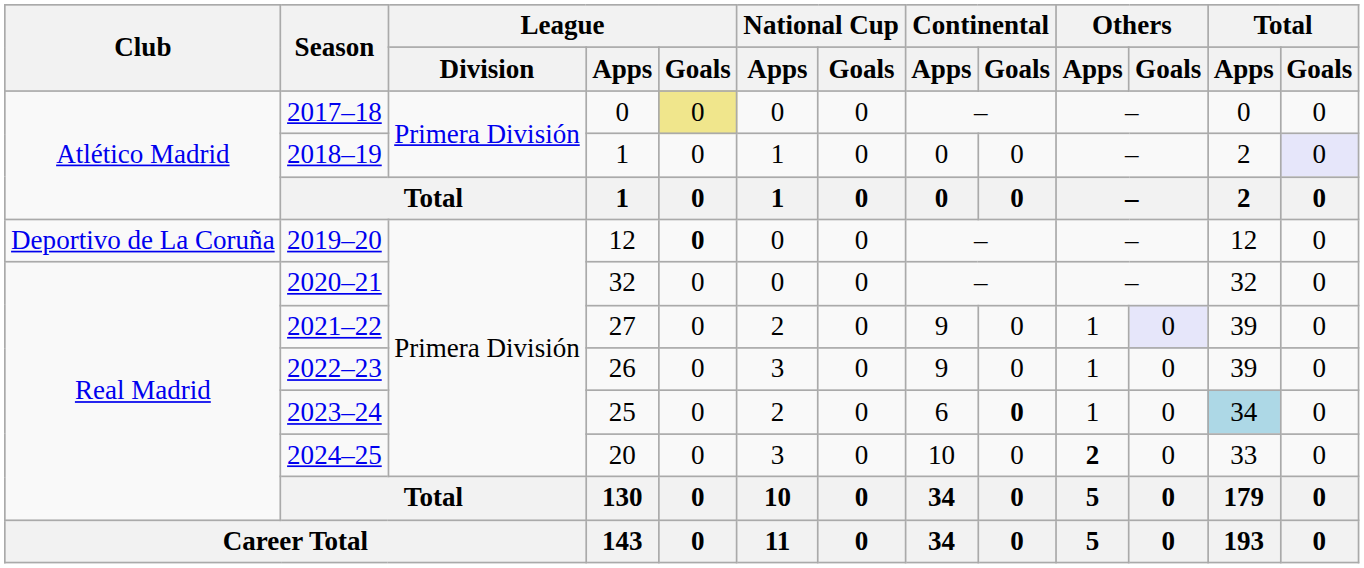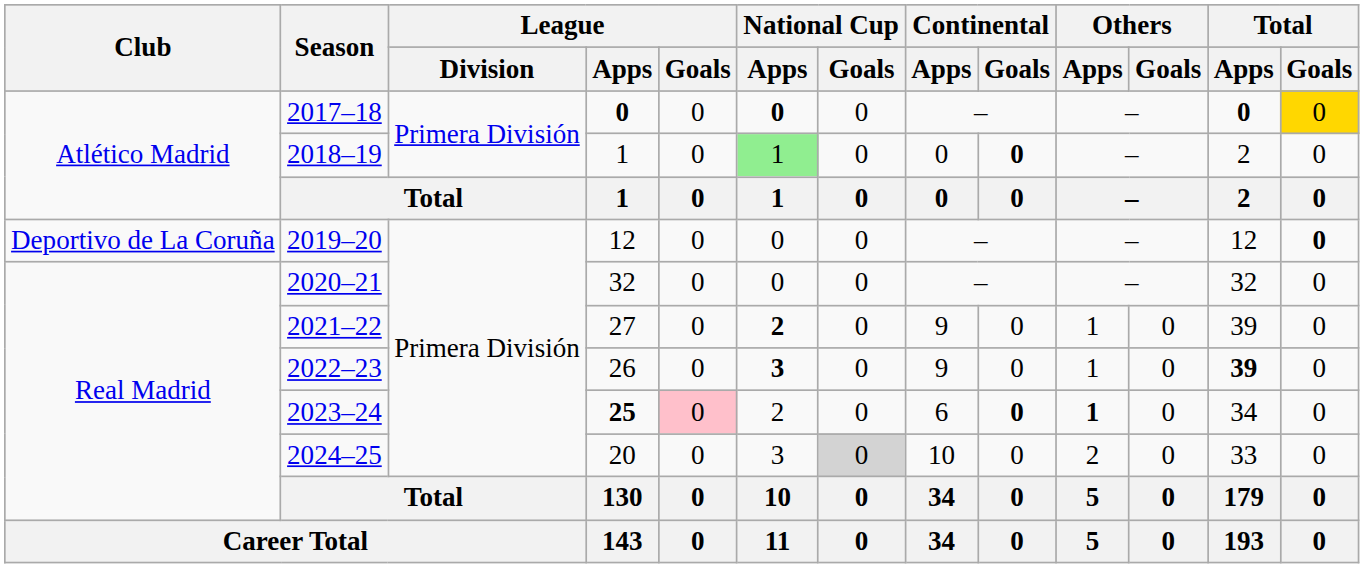 <table class="wikitable" style="text-align:center">
 <tr>
 <th rowspan="2">Club</th>
 <th rowspan="2">Season</th>
 <th colspan="3">League</th>
 <th colspan="2">National Cup</th>
 <th colspan="2">Continental</th>
 <th colspan="2">Others</th>
 <th colspan="2">Total</th>
 </tr>
 <tr>
 <th>Division</th>
 <th>Apps</th>
 <th>Goals</th>
 <th>Apps</th>
 <th>Goals</th>
 <th>Apps</th>
 <th>Goals</th>
 <th>Apps</th>
 <th>Goals</th>
 <th>Apps</th>
 <th>Goals</th>
 </tr>
 <tr>
 <td rowspan="3"><a href='#'>Atlético Madrid</a></td>
 <td><a href='#'>2017–18</a></td>
 <td rowspan="2"><a href='#'>Primera División</a></td>
+<td><strong>0</strong></td>
 <td>0</td>
-<td style="background: khaki;">0</td>
-<td>0</td>
+<td><strong>0</strong></td>
 <td>0</td>
 <td colspan="2">–</td>
 <td colspan="2">–</td>
-<td>0</td>
-<td>0</td>
+<td><strong>0</strong></td>
+<td style="background: gold;">0</td>
 </tr>
 <tr>
 <td><a href='#'>2018–19</a></td>
 <td>1</td>
 <td>0</td>
-<td>1</td>
+<td style="background: lightgreen;">1</td>
 <td>0</td>
 <td>0</td>
-<td>0</td>
+<td><strong>0</strong></td>
 <td colspan="2">–</td>
 <td>2</td>
-<td style="background: lavender;">0</td>
+<td>0</td>
 </tr>
 <tr>
 <th colspan="2">Total</th>
 <th>1</th>
 <th>0</th>
 <th>1</th>
 <th>0</th>
 <th>0</th>
 <th>0</th>
 <th colspan="2">–</th>
 <th>2</th>
 <th>0</th>
 </tr>
 <tr>
 <td><a href='#'>Deportivo de La Coruña</a></td>
 <td><a href='#'>2019–20</a></td>
 <td rowspan="6">Primera División</td>
 <td>12</td>
-<td><strong>0</strong></td>
+<td>0</td>
 <td>0</td>
 <td>0</td>
 <td colspan="2">–</td>
 <td colspan="2">–</td>
 <td>12</td>
-<td>0</td>
+<td><strong>0</strong></td>
 </tr>
 <tr>
 <td rowspan="6"><a href='#'>Real Madrid</a></td>
 <td><a href='#'>2020–21</a></td>
 <td>32</td>
 <td>0</td>
 <td>0</td>
 <td>0</td>
 <td colspan="2">–</td>
 <td colspan="2">–</td>
 <td>32</td>
 <td>0</td>
 </tr>
 <tr>
 <td><a href='#'>2021–22</a></td>
 <td>27</td>
 <td>0</td>
-<td>2</td>
-<td>0</td>
-<td>9</td>
-<td>0</td>
-<td>1</td>
-<td style="background: lavender;">0</td>
-<td>39</td>
-<td>0</td>
-</tr>
-<tr>
-<td><a href='#'>2022–23</a></td>
-<td>26</td>
-<td>0</td>
-<td>3</td>
+<td><strong>2</strong></td>
 <td>0</td>
 <td>9</td>
 <td>0</td>
 <td>1</td>
 <td>0</td>
 <td>39</td>
 <td>0</td>
 </tr>
 <tr>
+<td><a href='#'>2022–23</a></td>
+<td>26</td>
+<td>0</td>
+<td><strong>3</strong></td>
+<td>0</td>
+<td>9</td>
+<td>0</td>
+<td>1</td>
+<td>0</td>
+<td><strong>39</strong></td>
+<td>0</td>
+</tr>
+<tr>
 <td><a href='#'>2023–24</a></td>
-<td>25</td>
-<td>0</td>
+<td><strong>25</strong></td>
+<td style="background: pink;">0</td>
 <td>2</td>
 <td>0</td>
 <td>6</td>
 <td><strong>0</strong></td>
-<td>1</td>
+<td><strong>1</strong></td>
 <td>0</td>
-<td style="background: lightblue;">34</td>
+<td>34</td>
 <td>0</td>
 </tr>
 <tr>
 <td><a href='#'>2024–25</a></td>
 <td>20</td>
 <td>0</td>
 <td>3</td>
-<td>0</td>
+<td style="background: lightgrey;">0</td>
 <td>10</td>
 <td>0</td>
-<td><strong>2</strong></td>
+<td>2</td>
 <td>0</td>
 <td>33</td>
 <td>0</td>
 </tr>
 <tr>
 <th colspan="2">Total</th>
 <th>130</th>
 <th>0</th>
 <th>10</th>
 <th>0</th>
 <th>34</th>
 <th>0</th>
 <th>5</th>
 <th>0</th>
 <th>179</th>
 <th>0</th>
 </tr>
 <tr>
 <th colspan="3">Career Total</th>
 <th>143</th>
 <th>0</th>
 <th>11</th>
 <th>0</th>
 <th>34</th>
 <th>0</th>
 <th>5</th>
 <th>0</th>
 <th>193</th>
 <th>0</th>
 </tr>
 </table>
